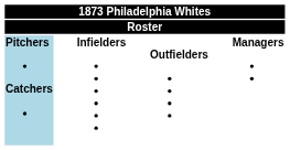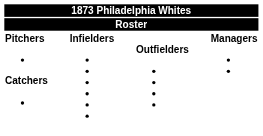 <table class="toccolours" style="font-size: 95%;">
 <tr>
 <th colspan="10" style="background-color: black; color:white; text-align: center;">1873 Philadelphia Whites</th>
 </tr>
 <tr>
 <td colspan="10" style="background-color:black; color: white; text-align: center;"><strong>Roster</strong></td>
 </tr>
 <tr>
-<td valign="top" style="background: lightblue;"><strong>Pitchers</strong><br><ul><li></li></ul><strong>Catchers</strong><ul><li></li></ul></td>
+<td valign="top"><strong>Pitchers</strong><br><ul><li></li></ul><strong>Catchers</strong><ul><li></li></ul></td>
 <td width="25px"></td>
 <td valign="top"><strong>Infielders</strong><br><ul><li></li><li></li><li></li><li></li><li></li><li></li></ul></td>
 <td width="25px"></td>
 <td valign="top"><br><strong>Outfielders</strong><ul><li></li><li></li><li></li><li></li></ul></td>
 <td width="25px"></td>
 <td valign="top"><strong>Managers</strong><br><ul><li></li><li></li></ul></td>
 </tr>
 </table>
